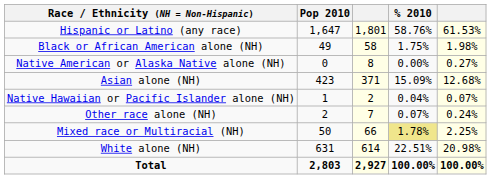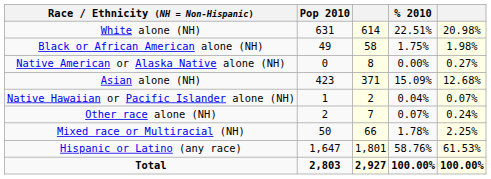 <table class="wikitable" style="text-align:center;">
 <tr>
 <th>Race / Ethnicity <small>(<em>NH = Non-Hispanic</em>)</small></th>
 <th>Pop 2010</th>
 <th></th>
 <th>% 2010</th>
 <th></th>
 </tr>
 <tr>
-<td><a href='#'>Hispanic or Latino</a> (any race)</td>
-<td>1,647</td>
-<td style='background: #ffffe6;'>1,801</td>
-<td>58.76%</td>
-<td style='background: #ffffe6;'>61.53%</td>
+<td><a href='#'>White</a> alone (NH)</td>
+<td>631</td>
+<td style='background: #ffffe6;'>614</td>
+<td>22.51%</td>
+<td style='background: #ffffe6;'>20.98%</td>
 </tr>
 <tr>
 <td><a href='#'>Black or African American</a> alone (NH)</td>
 <td>49</td>
 <td style='background: #ffffe6;'>58</td>
 <td>1.75%</td>
 <td style='background: #ffffe6;'>1.98%</td>
 </tr>
 <tr>
 <td><a href='#'>Native American</a> or <a href='#'>Alaska Native</a> alone (NH)</td>
 <td>0</td>
 <td style='background: #ffffe6;'>8</td>
 <td>0.00%</td>
 <td style='background: #ffffe6;'>0.27%</td>
 </tr>
 <tr>
 <td><a href='#'>Asian</a> alone (NH)</td>
 <td>423</td>
 <td style='background: #ffffe6;'>371</td>
 <td>15.09%</td>
 <td style='background: #ffffe6;'>12.68%</td>
 </tr>
 <tr>
 <td><a href='#'>Native Hawaiian</a> or <a href='#'>Pacific Islander</a> alone (NH)</td>
 <td>1</td>
 <td style='background: #ffffe6;'>2</td>
 <td>0.04%</td>
 <td style='background: #ffffe6;'>0.07%</td>
 </tr>
 <tr>
 <td><a href='#'>Other race</a> alone (NH)</td>
 <td>2</td>
 <td style='background: #ffffe6;'>7</td>
 <td>0.07%</td>
 <td style='background: #ffffe6;'>0.24%</td>
 </tr>
 <tr>
 <td><a href='#'>Mixed race or Multiracial</a> (NH)</td>
 <td>50</td>
 <td style='background: #ffffe6;'>66</td>
-<td style="background: khaki;">1.78%</td>
+<td>1.78%</td>
 <td style='background: #ffffe6;'>2.25%</td>
 </tr>
 <tr>
-<td><a href='#'>White</a> alone (NH)</td>
-<td>631</td>
-<td style='background: #ffffe6;'>614</td>
-<td>22.51%</td>
-<td style='background: #ffffe6;'>20.98%</td>
+<td><a href='#'>Hispanic or Latino</a> (any race)</td>
+<td>1,647</td>
+<td style='background: #ffffe6;'>1,801</td>
+<td>58.76%</td>
+<td style='background: #ffffe6;'>61.53%</td>
 </tr>
 <tr>
 <td><strong>Total</strong></td>
 <td><strong>2,803</strong></td>
 <td style='background: #ffffe6;'><strong>2,927</strong></td>
 <td><strong>100.00%</strong></td>
 <td style='background: #ffffe6;'><strong>100.00%</strong></td>
 </tr>
 </table>
